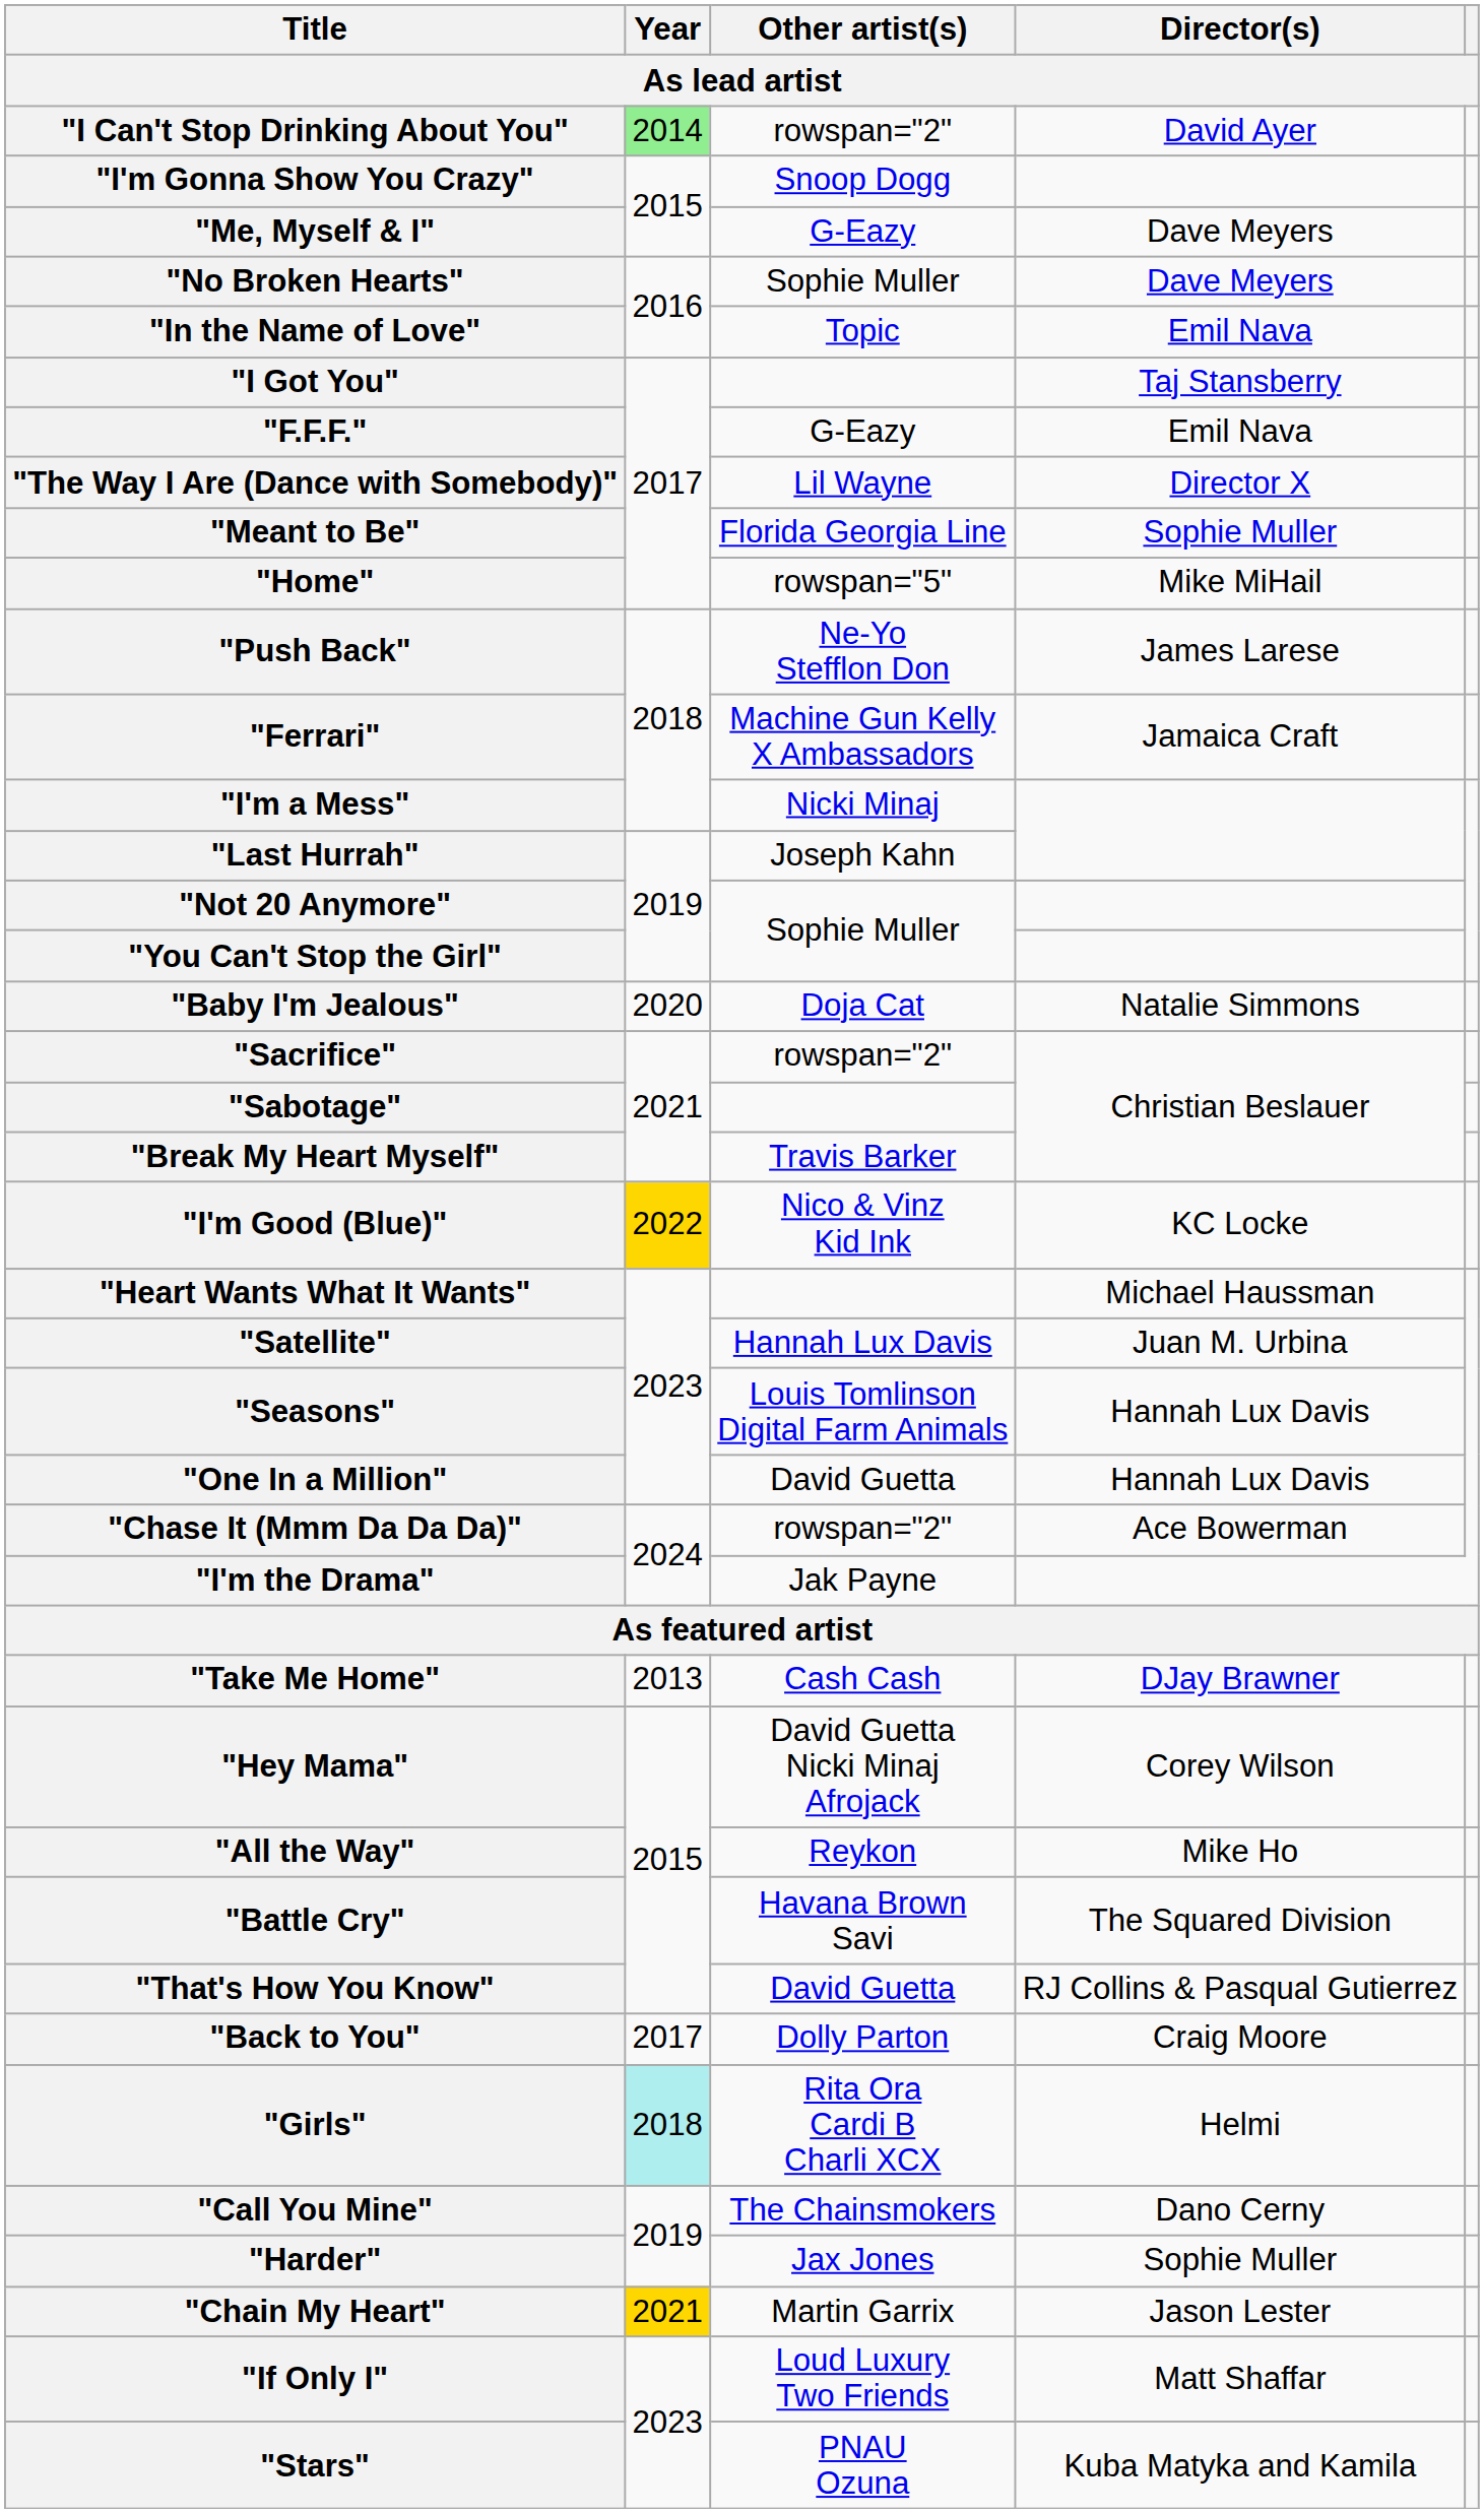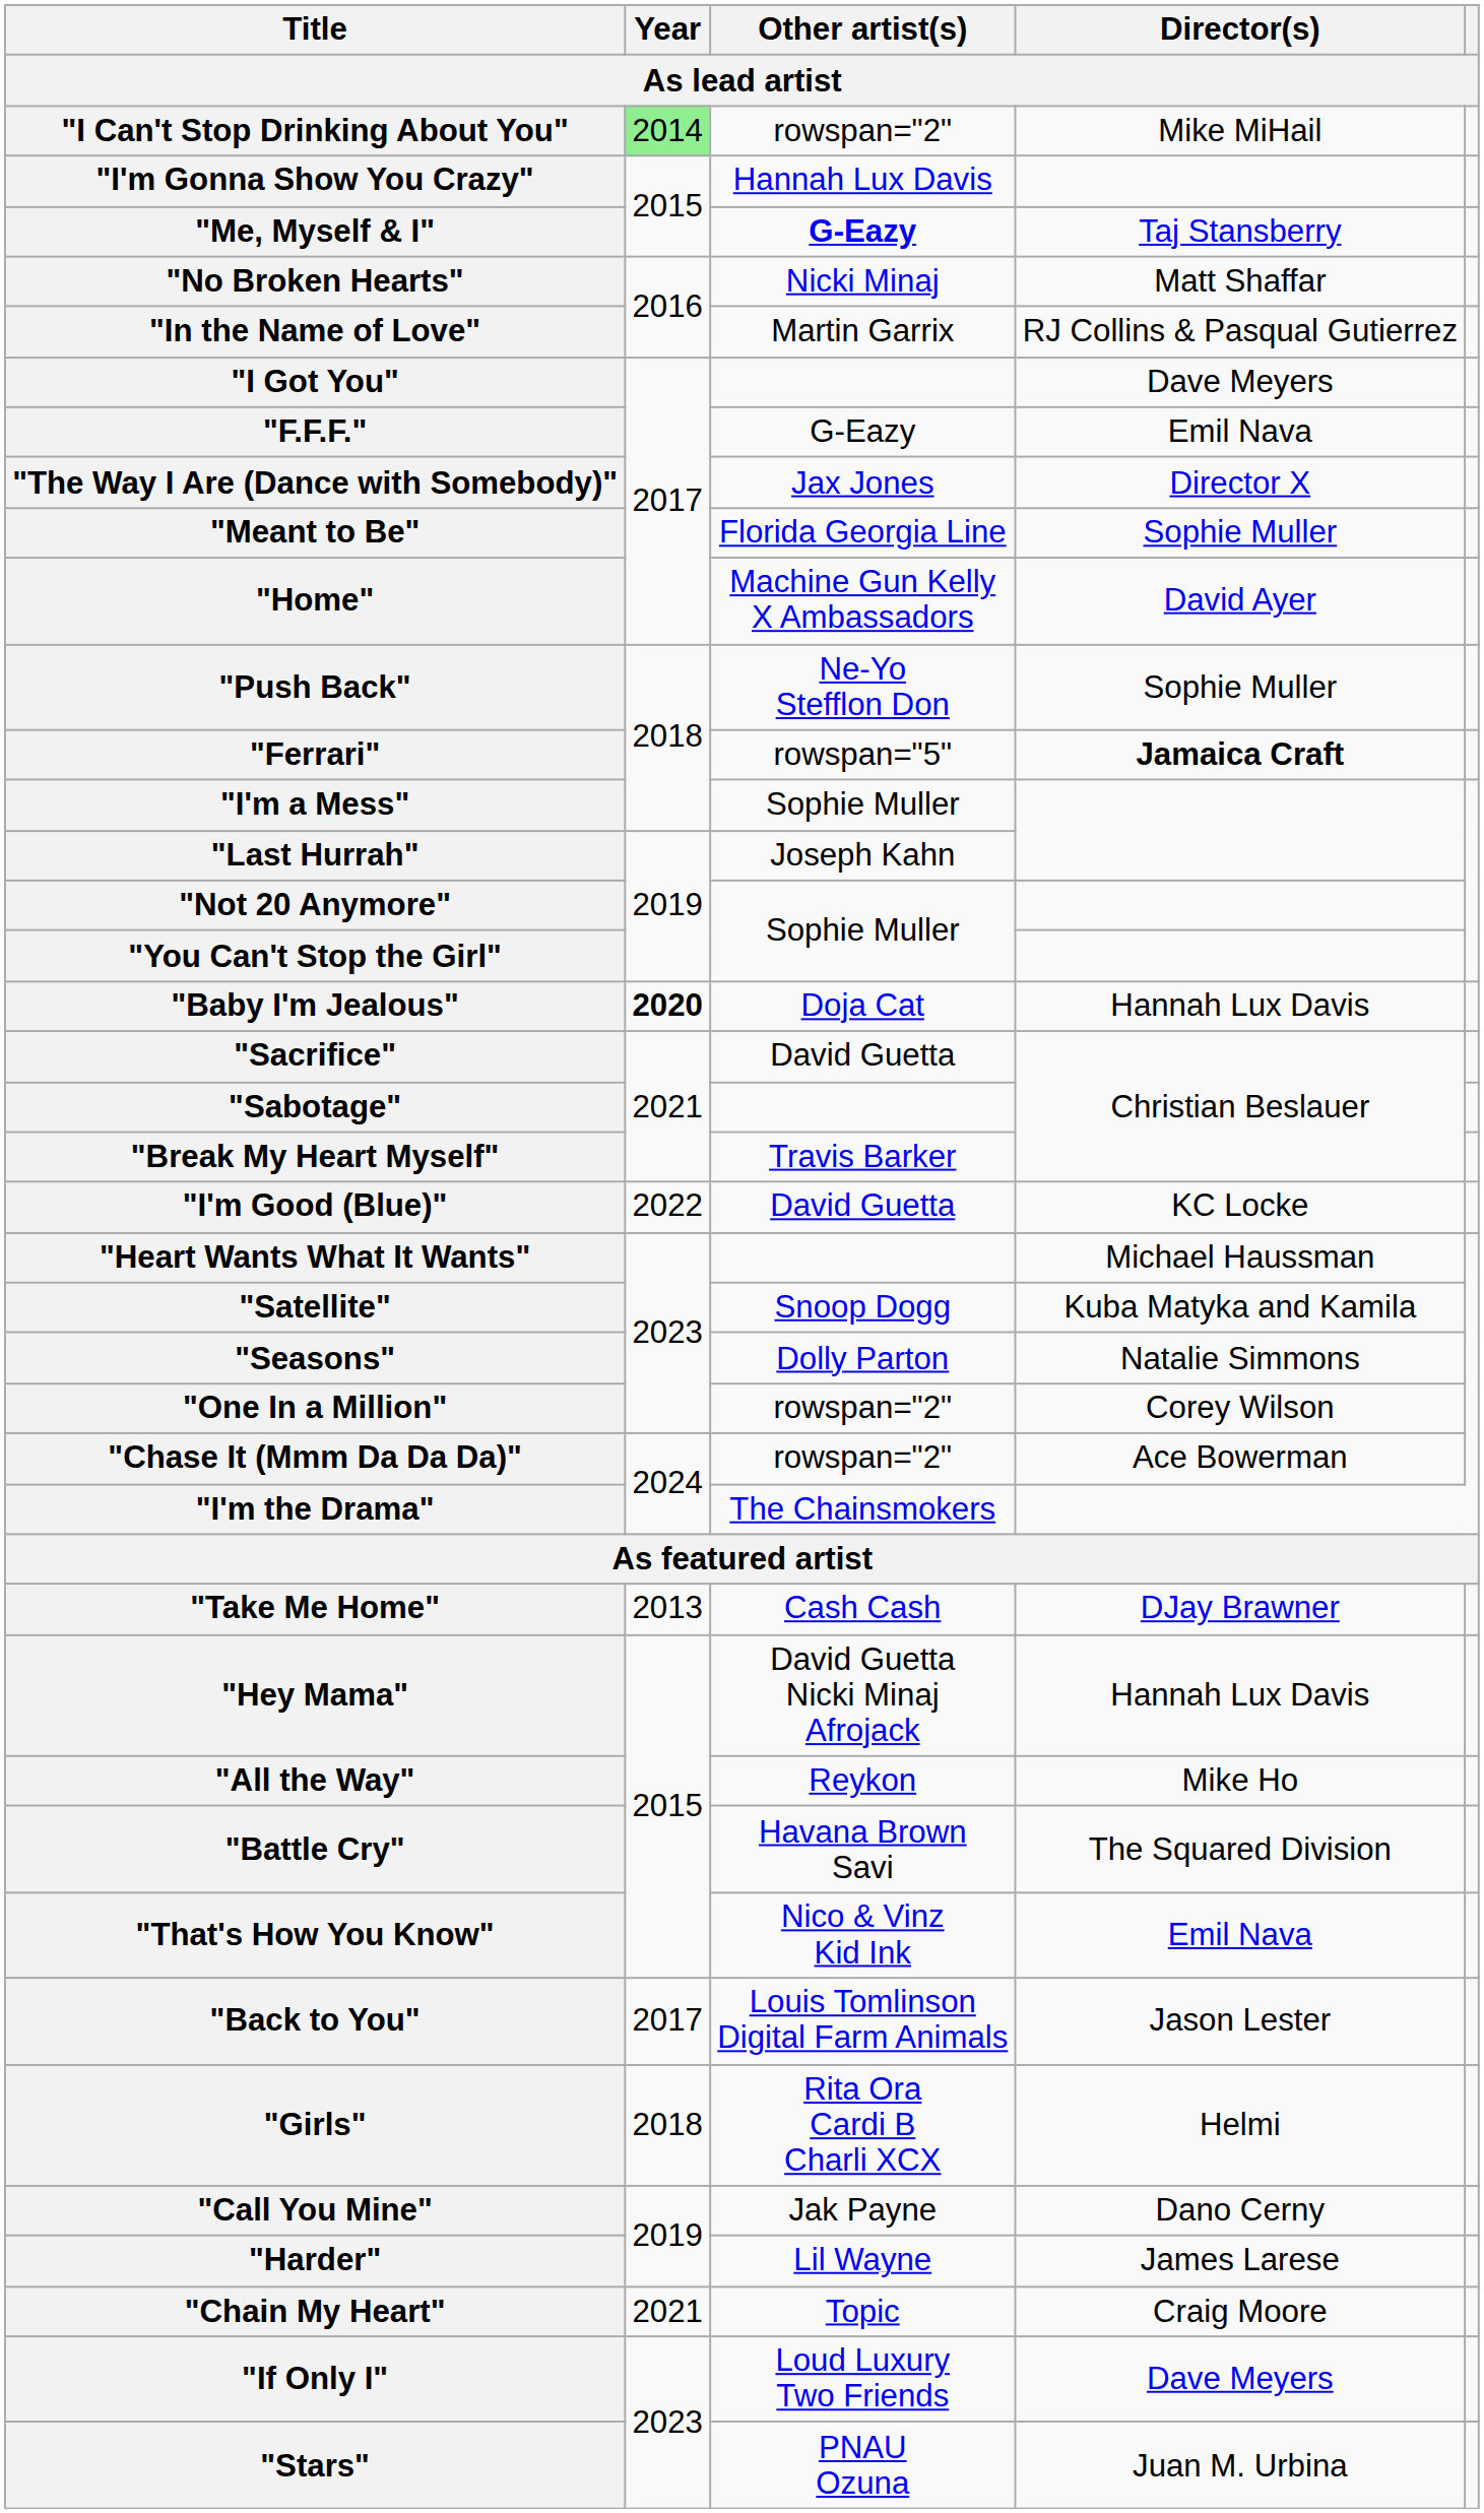 <table class="wikitable plainrowheaders" style="text-align:center">
 <tr>
 <th scope="col">Title</th>
 <th scope="col">Year</th>
 <th scope="col">Other artist(s)</th>
 <th scope="col">Director(s)</th>
 <th scope="col"></th>
 </tr>
 <tr>
 <th colspan="5" scope="col">As lead artist</th>
 </tr>
 <tr>
 <th scope="row">"I Can't Stop Drinking About You"</th>
 <td style="background: lightgreen;">2014</td>
 <td>rowspan="2" </td>
-<td><a href='#'>David Ayer</a></td>
+<td>Mike MiHail</td>
 <td></td>
 </tr>
 <tr>
 <th scope="row">"I'm Gonna Show You Crazy"</th>
 <td rowspan="2">2015</td>
-<td><a href='#'>Snoop Dogg</a></td>
+<td><a href='#'>Hannah Lux Davis</a></td>
 <td></td>
 </tr>
 <tr>
 <th scope="row">"Me, Myself & I"</th>
-<td><a href='#'>G-Eazy</a></td>
-<td>Dave Meyers</td>
+<td><strong><a href='#'>G-Eazy</a></strong></td>
+<td><a href='#'>Taj Stansberry</a></td>
 <td></td>
 </tr>
 <tr>
 <th scope="row">"No Broken Hearts"</th>
 <td rowspan="2">2016</td>
-<td>Sophie Muller</td>
-<td><a href='#'>Dave Meyers</a></td>
+<td><a href='#'>Nicki Minaj</a></td>
+<td>Matt Shaffar</td>
 <td></td>
 </tr>
 <tr>
 <th scope="row">"In the Name of Love"</th>
-<td><a href='#'>Topic</a></td>
-<td><a href='#'>Emil Nava</a></td>
+<td>Martin Garrix</td>
+<td>RJ Collins & Pasqual Gutierrez</td>
 <td></td>
 </tr>
 <tr>
 <th scope="row">"I Got You"</th>
 <td rowspan="5">2017</td>
 <td></td>
-<td><a href='#'>Taj Stansberry</a></td>
+<td>Dave Meyers</td>
 <td></td>
 </tr>
 <tr>
 <th scope="row">"F.F.F."</th>
 <td>G-Eazy</td>
 <td>Emil Nava</td>
 <td></td>
 </tr>
 <tr>
 <th scope="row">"The Way I Are (Dance with Somebody)"</th>
-<td><a href='#'>Lil Wayne</a></td>
+<td><a href='#'>Jax Jones</a></td>
 <td><a href='#'>Director X</a></td>
 <td></td>
 </tr>
 <tr>
 <th scope="row">"Meant to Be"</th>
 <td><a href='#'>Florida Georgia Line</a></td>
 <td><a href='#'>Sophie Muller</a></td>
 <td></td>
 </tr>
 <tr>
 <th scope="row">"Home"</th>
-<td>rowspan="5" </td>
-<td>Mike MiHail</td>
+<td><a href='#'>Machine Gun Kelly</a><br><a href='#'>X Ambassadors</a></td>
+<td><a href='#'>David Ayer</a></td>
 <td></td>
 </tr>
 <tr>
 <th scope="row">"Push Back"</th>
 <td rowspan="3">2018</td>
 <td><a href='#'>Ne-Yo</a><br><a href='#'>Stefflon Don</a></td>
-<td>James Larese</td>
+<td>Sophie Muller</td>
 <td></td>
 </tr>
 <tr>
 <th scope="row">"Ferrari" </th>
-<td><a href='#'>Machine Gun Kelly</a><br><a href='#'>X Ambassadors</a></td>
-<td>Jamaica Craft</td>
+<td>rowspan="5" </td>
+<td><strong>Jamaica Craft</strong></td>
 <td></td>
 </tr>
 <tr>
 <th scope="row">"I'm a Mess"</th>
-<td><a href='#'>Nicki Minaj</a></td>
+<td>Sophie Muller</td>
 <td rowspan="2"></td>
 </tr>
 <tr>
 <th scope="row">"Last Hurrah"</th>
 <td rowspan="3">2019</td>
 <td>Joseph Kahn</td>
 </tr>
 <tr>
 <th scope="row">"Not 20 Anymore"</th>
 <td rowspan="2">Sophie Muller</td>
 <td></td>
 </tr>
 <tr>
 <th scope="row">"You Can't Stop the Girl"</th>
 <td></td>
 </tr>
 <tr>
 <th scope="row">"Baby I'm Jealous"</th>
-<td>2020</td>
+<td><strong>2020</strong></td>
 <td><a href='#'>Doja Cat</a></td>
-<td>Natalie Simmons</td>
+<td>Hannah Lux Davis</td>
 <td></td>
 </tr>
 <tr>
 <th scope="row">"Sacrifice"</th>
 <td rowspan="3">2021</td>
-<td>rowspan="2" </td>
+<td>David Guetta</td>
 <td rowspan="3">Christian Beslauer</td>
 <td></td>
 </tr>
 <tr>
 <th scope="row">"Sabotage"</th>
 <td></td>
 </tr>
 <tr>
 <th scope="row">"Break My Heart Myself"</th>
 <td><a href='#'>Travis Barker</a></td>
 <td></td>
 </tr>
 <tr>
 <th scope="row">"I'm Good (Blue)"</th>
-<td style="background: gold;">2022</td>
-<td><a href='#'>Nico & Vinz</a><br><a href='#'>Kid Ink</a></td>
+<td>2022</td>
+<td><a href='#'>David Guetta</a></td>
 <td>KC Locke</td>
 <td></td>
 </tr>
 <tr>
 <th scope="row">"Heart Wants What It Wants"</th>
 <td rowspan="4">2023</td>
 <td></td>
 <td>Michael Haussman</td>
 </tr>
 <tr>
 <th scope="row">"Satellite"</th>
-<td><a href='#'>Hannah Lux Davis</a></td>
-<td>Juan M. Urbina</td>
+<td><a href='#'>Snoop Dogg</a></td>
+<td>Kuba Matyka and Kamila</td>
 </tr>
 <tr>
 <th scope="row">"Seasons"</th>
-<td><a href='#'>Louis Tomlinson</a><br><a href='#'>Digital Farm Animals</a></td>
-<td>Hannah Lux Davis</td>
+<td><a href='#'>Dolly Parton</a></td>
+<td>Natalie Simmons</td>
 </tr>
 <tr>
 <th scope="row">"One In a Million"</th>
-<td>David Guetta</td>
-<td>Hannah Lux Davis</td>
+<td>rowspan="2" </td>
+<td>Corey Wilson</td>
 </tr>
 <tr>
 <th scope="row">"Chase It (Mmm Da Da Da)"</th>
 <td rowspan="2">2024</td>
 <td>rowspan="2" </td>
 <td>Ace Bowerman</td>
 </tr>
 <tr>
 <th scope="row">"I'm the Drama"</th>
-<td>Jak Payne</td>
+<td><a href='#'>The Chainsmokers</a></td>
 </tr>
 <tr>
 <th scope="col" colspan="5">As featured artist</th>
 </tr>
 <tr>
 <th scope="row">"Take Me Home"</th>
 <td>2013</td>
 <td><a href='#'>Cash Cash</a></td>
 <td><a href='#'>DJay Brawner</a></td>
 <td></td>
 </tr>
 <tr>
 <th scope="row">"Hey Mama"<br></th>
 <td rowspan="4">2015</td>
 <td>David Guetta<br>Nicki Minaj<br><a href='#'>Afrojack</a></td>
-<td>Corey Wilson</td>
+<td>Hannah Lux Davis</td>
 <td></td>
 </tr>
 <tr>
 <th scope="row">"All the Way"</th>
 <td><a href='#'>Reykon</a></td>
 <td>Mike Ho</td>
 <td></td>
 </tr>
 <tr>
 <th scope="row">"Battle Cry"<br></th>
 <td><a href='#'>Havana Brown</a><br>Savi</td>
 <td>The Squared Division</td>
 <td></td>
 </tr>
 <tr>
 <th scope="row">"That's How You Know"</th>
-<td><a href='#'>David Guetta</a></td>
-<td>RJ Collins & Pasqual Gutierrez</td>
+<td><a href='#'>Nico & Vinz</a><br><a href='#'>Kid Ink</a></td>
+<td><a href='#'>Emil Nava</a></td>
 <td></td>
 </tr>
 <tr>
 <th scope="row">"Back to You"</th>
 <td>2017</td>
-<td><a href='#'>Dolly Parton</a></td>
-<td>Craig Moore</td>
+<td><a href='#'>Louis Tomlinson</a><br><a href='#'>Digital Farm Animals</a></td>
+<td>Jason Lester</td>
 <td></td>
 </tr>
 <tr>
 <th scope="row">"Girls"</th>
-<td style="background: paleturquoise;">2018</td>
+<td>2018</td>
 <td><a href='#'>Rita Ora</a><br><a href='#'>Cardi B</a><br><a href='#'>Charli XCX</a></td>
 <td>Helmi</td>
 <td></td>
 </tr>
 <tr>
 <th scope="row">"Call You Mine"</th>
 <td rowspan="2">2019</td>
-<td><a href='#'>The Chainsmokers</a></td>
+<td>Jak Payne</td>
 <td>Dano Cerny</td>
 <td></td>
 </tr>
 <tr>
 <th scope="row">"Harder"</th>
-<td><a href='#'>Jax Jones</a></td>
-<td>Sophie Muller</td>
+<td><a href='#'>Lil Wayne</a></td>
+<td>James Larese</td>
 <td></td>
 </tr>
 <tr>
 <th scope="row">"Chain My Heart"</th>
-<td style="background: gold;">2021</td>
-<td>Martin Garrix</td>
-<td>Jason Lester</td>
+<td>2021</td>
+<td><a href='#'>Topic</a></td>
+<td>Craig Moore</td>
 <td></td>
 </tr>
 <tr>
 <th scope="row">"If Only I"</th>
 <td rowspan="2">2023</td>
 <td><a href='#'>Loud Luxury</a><br><a href='#'>Two Friends</a></td>
-<td>Matt Shaffar</td>
+<td><a href='#'>Dave Meyers</a></td>
 <td></td>
 </tr>
 <tr>
 <th scope="row">"Stars"</th>
 <td><a href='#'>PNAU</a><br><a href='#'>Ozuna</a></td>
-<td>Kuba Matyka and Kamila</td>
+<td>Juan M. Urbina</td>
 </tr>
 <tr>
 </tr>
 </table>
